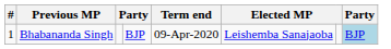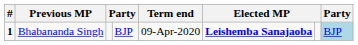 <table class="wikitable sortable">
 <tr>
 <th>#</th>
 <th>Previous MP</th>
 <th colspan="2">Party</th>
 <th>Term end</th>
 <th colspan="2">Elected MP</th>
 <th>Party</th>
 </tr>
 <tr>
-<td>1</td>
+<td><strong>1</strong></td>
 <td><a href='#'>Bhabananda Singh</a></td>
 <td width="1px"></td>
 <td><a href='#'>BJP</a></td>
 <td>09-Apr-2020</td>
-<td><a href='#'>Leishemba Sanajaoba</a></td>
+<td><strong><a href='#'>Leishemba Sanajaoba</a></strong></td>
 <td width="1px"></td>
 <td style="background: lightblue;"><a href='#'>BJP</a></td>
 </tr>
 </table>
